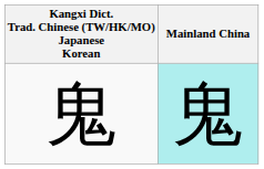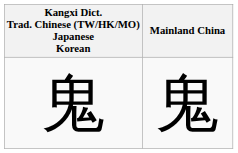 <table class="wikitable" style="text-align: center;">
 <tr>
 <th>Kangxi Dict.<br>Trad. Chinese (TW/HK/MO)<br>Japanese<br>Korean</th>
 <th>Mainland China</th>
 </tr>
 <tr style="font-size:6em;font-family:serif;line-height:100%;">
 <td lang="ja">鬼</td>
-<td lang="zh-cn" style="background: paleturquoise;">鬼</td>
+<td lang="zh-cn">鬼</td>
 </tr>
 </table>
